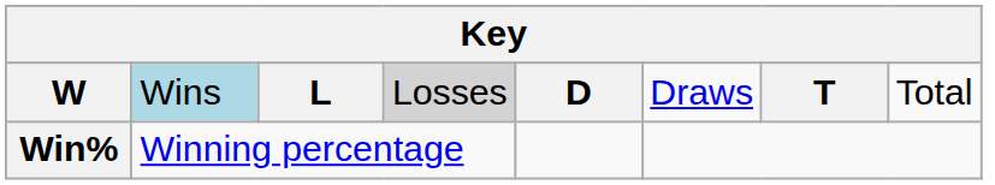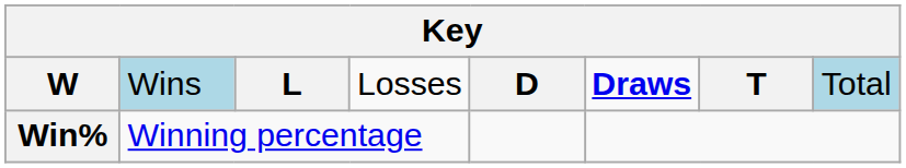 <table class="wikitable">
 <tr>
 <th colspan=8>Key</th>
 </tr>
 <tr>
 <th style="width:3em">W</th>
 <td style="background: lightblue; width:3em">Wins</td>
 <th style="width:3em">L</th>
-<td style="background: lightgrey; width:3em">Losses</td>
+<td style="width:3em">Losses</td>
 <th style="width:3em">D</th>
-<td><a href='#'>Draws</a></td>
+<td><strong><a href='#'>Draws</a></strong></td>
 <th style="width:3em">T</th>
-<td>Total</td>
+<td style="background: lightblue;">Total</td>
 </tr>
 <tr>
 <th style="width:3em">Win%</th>
 <td colspan=3><a href='#'>Winning percentage</a></td>
 <td style="border:1px solid #aaa; width:3em;"></td>
 <td colspan=3></td>
 </tr>
 </table>
